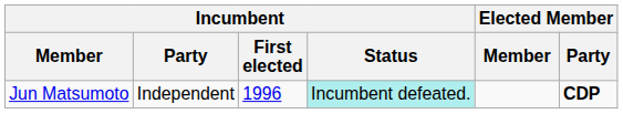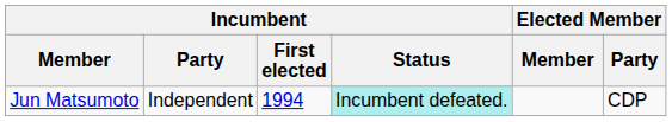 <table class="wikitable sortable">
 <tr>
 <th colspan=4>Incumbent</th>
 <th colspan=2>Elected Member</th>
 </tr>
 <tr>
 <th>Member</th>
 <th>Party</th>
 <th>First<br>elected</th>
 <th>Status</th>
 <th>Member</th>
 <th>Party</th>
 </tr>
 <tr>
 <td><a href='#'>Jun Matsumoto</a></td>
 <td>Independent</td>
-<td><a href='#'>1996</a></td>
+<td><a href='#'>1994</a></td>
 <td style="background: paleturquoise;">Incumbent defeated.</td>
 <td></td>
-<td><strong>CDP</strong></td>
+<td>CDP</td>
 </tr>
 </table>
